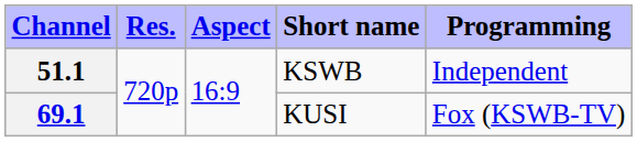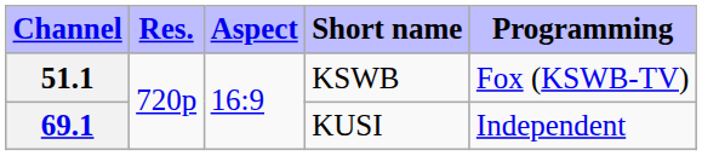 <table class="wikitable">
 <tr>
 <th style="background-color: #bdbdff" scope="col"><a href='#'>Channel</a></th>
 <th style="background-color: #bdbdff" scope="col"><a href='#'>Res.</a></th>
 <th style="background-color: #bdbdff" scope="col"><a href='#'>Aspect</a></th>
 <th style="background-color: #bdbdff" scope="col">Short name</th>
 <th style="background-color: #bdbdff" scope="col">Programming</th>
 </tr>
 <tr>
 <th scope="row">51.1</th>
 <td rowspan="2"><a href='#'>720p</a></td>
 <td rowspan="2"><a href='#'>16:9</a></td>
 <td>KSWB</td>
-<td><a href='#'>Independent</a></td>
+<td><a href='#'>Fox</a> (<a href='#'>KSWB-TV</a>)</td>
 </tr>
 <tr>
 <th scope="row"><a href='#'>69.1</a></th>
 <td>KUSI</td>
-<td><a href='#'>Fox</a> (<a href='#'>KSWB-TV</a>)</td>
+<td><a href='#'>Independent</a></td>
 </tr>
 </table>
